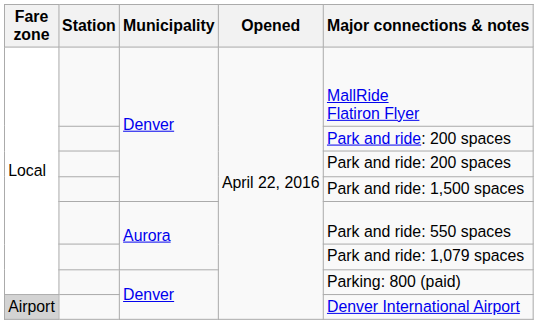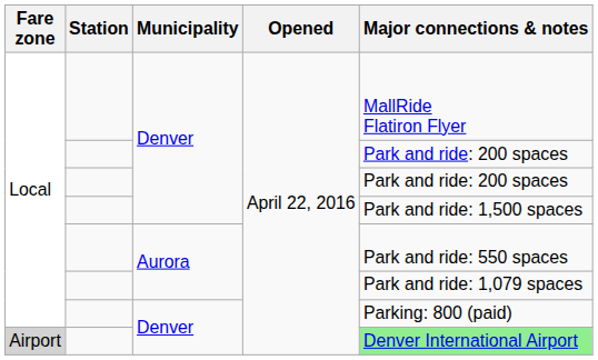 <table class="wikitable">
 <tr>
 <th>Fare<br>zone</th>
 <th>Station</th>
 <th>Municipality</th>
 <th>Opened</th>
 <th>Major connections & notes</th>
 </tr>
 <tr>
 <td rowspan="7" bgcolor="white" ;>Local</td>
 <td></td>
 <td rowspan="4"><a href='#'>Denver</a></td>
 <td rowspan="8">April 22, 2016</td>
 <td> <br><br> <a href='#'>MallRide</a><br> <a href='#'>Flatiron Flyer</a></td>
 </tr>
 <tr>
 <td></td>
 <td><a href='#'>Park and ride</a>: 200 spaces</td>
 </tr>
 <tr>
 <td></td>
 <td>Park and ride: 200 spaces</td>
 </tr>
 <tr>
 <td></td>
 <td>Park and ride: 1,500 spaces</td>
 </tr>
 <tr>
 <td></td>
 <td rowspan="2"><a href='#'>Aurora</a></td>
 <td> <br>Park and ride: 550 spaces</td>
 </tr>
 <tr>
 <td></td>
 <td>Park and ride: 1,079 spaces</td>
 </tr>
 <tr>
 <td></td>
 <td rowspan="2"><a href='#'>Denver</a></td>
 <td>Parking: 800 (paid)</td>
 </tr>
 <tr>
 <td bgcolor="lightgray">Airport</td>
 <td></td>
-<td> <a href='#'>Denver International Airport</a></td>
+<td style="background: lightgreen;"> <a href='#'>Denver International Airport</a></td>
 </tr>
 </table>
